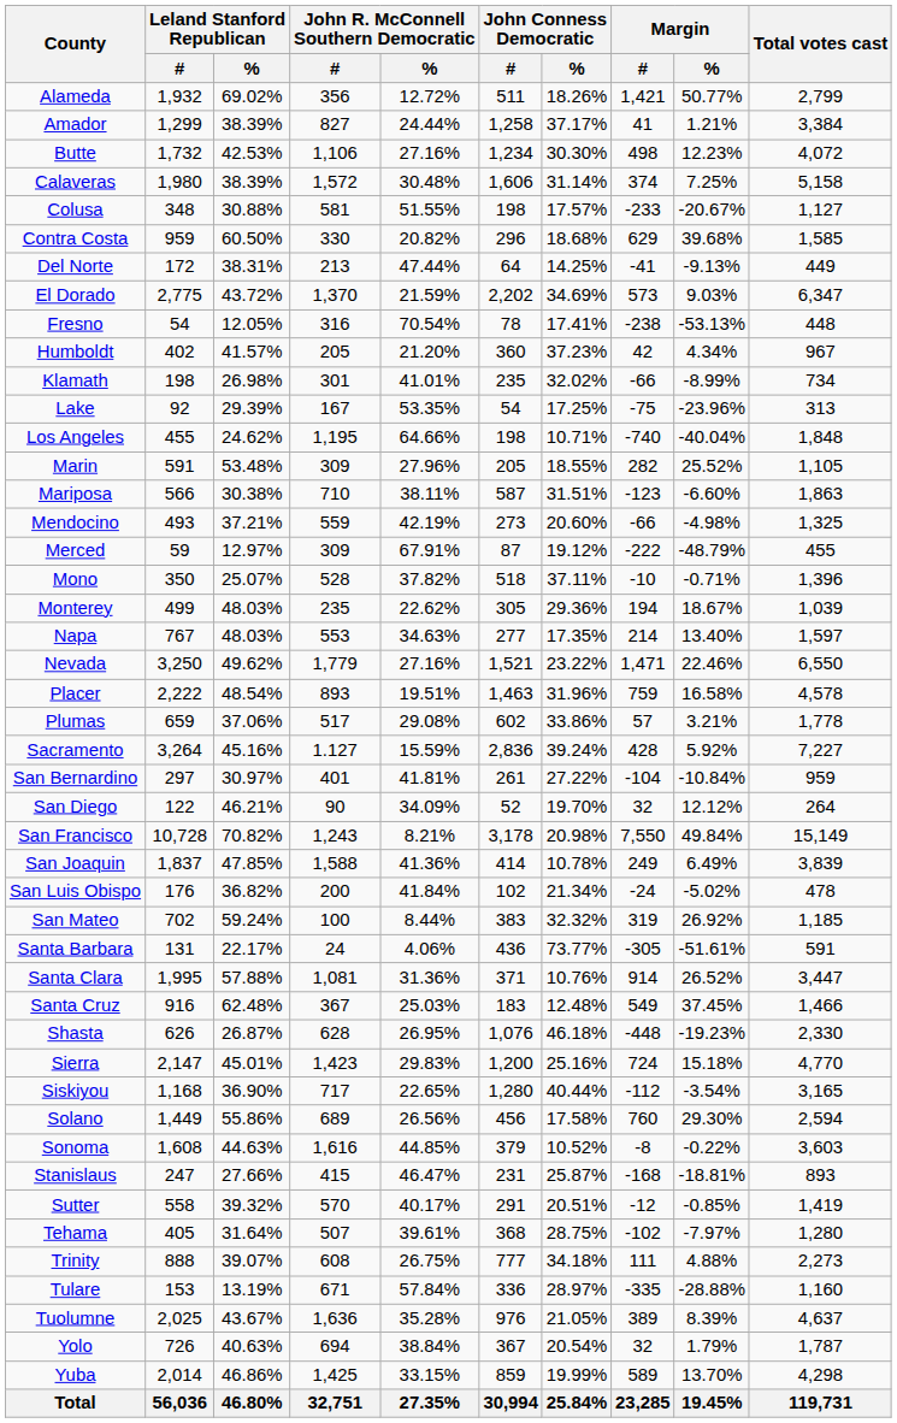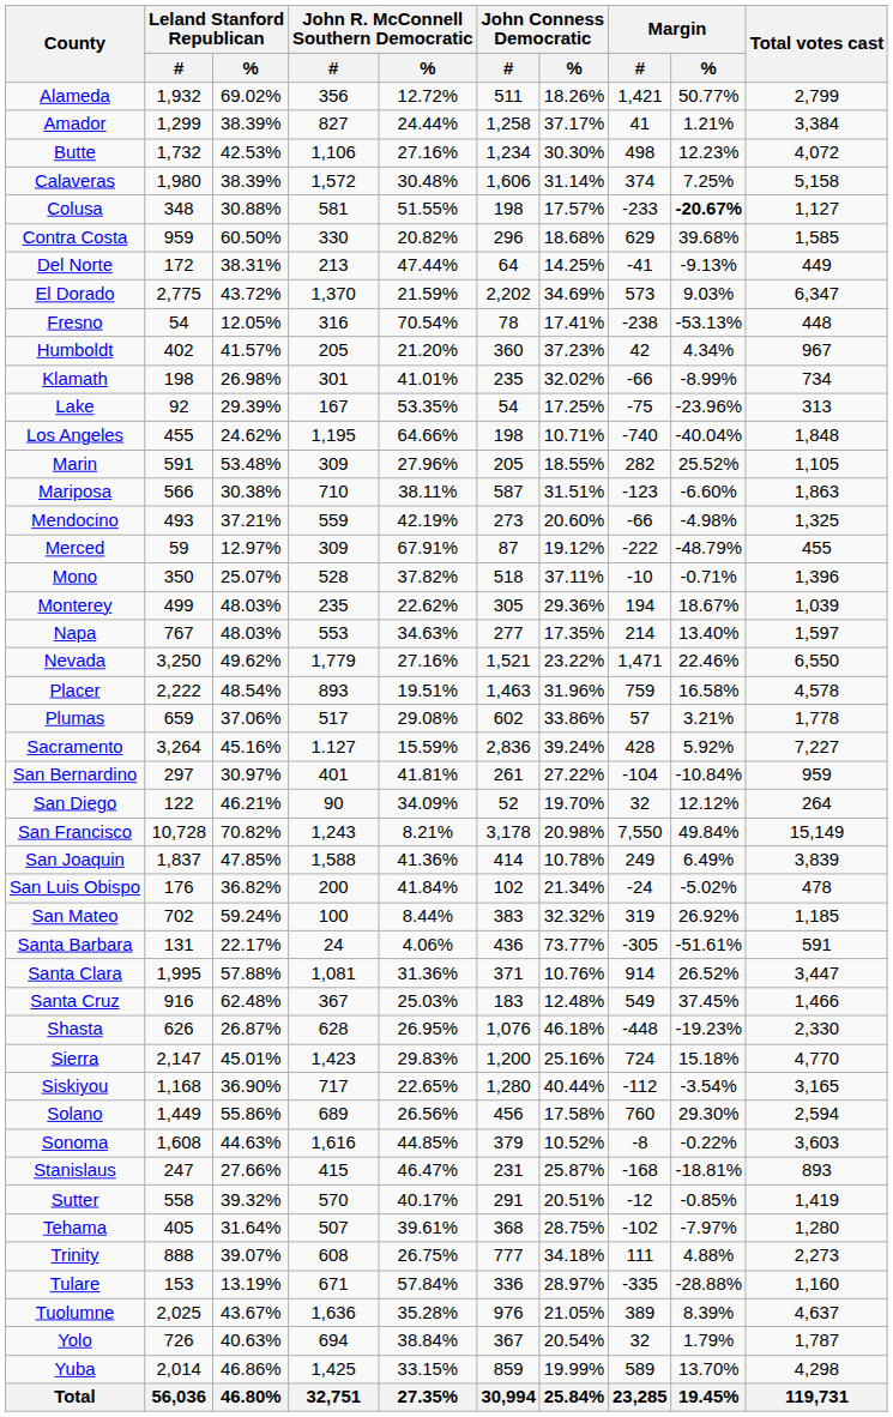 <table class="wikitable sortable" style="text-align:center">
 <tr>
 <th rowspan="2">County</th>
 <th style="text-align:center;" colspan="2">Leland Stanford<br>Republican</th>
 <th style="text-align:center;" colspan="2">John R. McConnell<br>Southern Democratic</th>
 <th style="text-align:center;" colspan="2">John Conness<br>Democratic</th>
 <th style="text-align:center;" colspan="2">Margin</th>
 <th style="text-align:center;" rowspan="2">Total votes cast</th>
 </tr>
 <tr>
 <th style="text-align:center;" data-sort-type="number">#</th>
 <th style="text-align:center;" data-sort-type="number">%</th>
 <th style="text-align:center;" data-sort-type="number">#</th>
 <th style="text-align:center;" data-sort-type="number">%</th>
 <th style="text-align:center;" data-sort-type="number">#</th>
 <th style="text-align:center;" data-sort-type="number">%</th>
 <th style="text-align:center;" data-sort-type="number">#</th>
 <th style="text-align:center;" data-sort-type="number">%</th>
 </tr>
 <tr style="text-align:center;">
 <td><a href='#'>Alameda</a></td>
 <td>1,932</td>
 <td>69.02%</td>
 <td>356</td>
 <td>12.72%</td>
 <td>511</td>
 <td>18.26%</td>
 <td>1,421</td>
 <td>50.77%</td>
 <td>2,799</td>
 </tr>
 <tr style="text-align:center;">
 <td><a href='#'>Amador</a></td>
 <td>1,299</td>
 <td>38.39%</td>
 <td>827</td>
 <td>24.44%</td>
 <td>1,258</td>
 <td>37.17%</td>
 <td>41</td>
 <td>1.21%</td>
 <td>3,384</td>
 </tr>
 <tr style="text-align:center;">
 <td><a href='#'>Butte</a></td>
 <td>1,732</td>
 <td>42.53%</td>
 <td>1,106</td>
 <td>27.16%</td>
 <td>1,234</td>
 <td>30.30%</td>
 <td>498</td>
 <td>12.23%</td>
 <td>4,072</td>
 </tr>
 <tr style="text-align:center;">
 <td><a href='#'>Calaveras</a></td>
 <td>1,980</td>
 <td>38.39%</td>
 <td>1,572</td>
 <td>30.48%</td>
 <td>1,606</td>
 <td>31.14%</td>
 <td>374</td>
 <td>7.25%</td>
 <td>5,158</td>
 </tr>
 <tr style="text-align:center;">
 <td><a href='#'>Colusa</a></td>
 <td>348</td>
 <td>30.88%</td>
 <td>581</td>
 <td>51.55%</td>
 <td>198</td>
 <td>17.57%</td>
 <td>-233</td>
-<td>-20.67%</td>
+<td><strong>-20.67%</strong></td>
 <td>1,127</td>
 </tr>
 <tr style="text-align:center;">
 <td><a href='#'>Contra Costa</a></td>
 <td>959</td>
 <td>60.50%</td>
 <td>330</td>
 <td>20.82%</td>
 <td>296</td>
 <td>18.68%</td>
 <td>629</td>
 <td>39.68%</td>
 <td>1,585</td>
 </tr>
 <tr style="text-align:center;">
 <td><a href='#'>Del Norte</a></td>
 <td>172</td>
 <td>38.31%</td>
 <td>213</td>
 <td>47.44%</td>
 <td>64</td>
 <td>14.25%</td>
 <td>-41</td>
 <td>-9.13%</td>
 <td>449</td>
 </tr>
 <tr style="text-align:center;">
 <td><a href='#'>El Dorado</a></td>
 <td>2,775</td>
 <td>43.72%</td>
 <td>1,370</td>
 <td>21.59%</td>
 <td>2,202</td>
 <td>34.69%</td>
 <td>573</td>
 <td>9.03%</td>
 <td>6,347</td>
 </tr>
 <tr style="text-align:center;">
 <td><a href='#'>Fresno</a></td>
 <td>54</td>
 <td>12.05%</td>
 <td>316</td>
 <td>70.54%</td>
 <td>78</td>
 <td>17.41%</td>
 <td>-238</td>
 <td>-53.13%</td>
 <td>448</td>
 </tr>
 <tr style="text-align:center;">
 <td><a href='#'>Humboldt</a></td>
 <td>402</td>
 <td>41.57%</td>
 <td>205</td>
 <td>21.20%</td>
 <td>360</td>
 <td>37.23%</td>
 <td>42</td>
 <td>4.34%</td>
 <td>967</td>
 </tr>
 <tr style="text-align:center;">
 <td><a href='#'>Klamath</a></td>
 <td>198</td>
 <td>26.98%</td>
 <td>301</td>
 <td>41.01%</td>
 <td>235</td>
 <td>32.02%</td>
 <td>-66</td>
 <td>-8.99%</td>
 <td>734</td>
 </tr>
 <tr style="text-align:center;">
 <td><a href='#'>Lake</a></td>
 <td>92</td>
 <td>29.39%</td>
 <td>167</td>
 <td>53.35%</td>
 <td>54</td>
 <td>17.25%</td>
 <td>-75</td>
 <td>-23.96%</td>
 <td>313</td>
 </tr>
 <tr style="text-align:center;">
 <td><a href='#'>Los Angeles</a></td>
 <td>455</td>
 <td>24.62%</td>
 <td>1,195</td>
 <td>64.66%</td>
 <td>198</td>
 <td>10.71%</td>
 <td>-740</td>
 <td>-40.04%</td>
 <td>1,848</td>
 </tr>
 <tr style="text-align:center;">
 <td><a href='#'>Marin</a></td>
 <td>591</td>
 <td>53.48%</td>
 <td>309</td>
 <td>27.96%</td>
 <td>205</td>
 <td>18.55%</td>
 <td>282</td>
 <td>25.52%</td>
 <td>1,105</td>
 </tr>
 <tr style="text-align:center;">
 <td><a href='#'>Mariposa</a></td>
 <td>566</td>
 <td>30.38%</td>
 <td>710</td>
 <td>38.11%</td>
 <td>587</td>
 <td>31.51%</td>
 <td>-123</td>
 <td>-6.60%</td>
 <td>1,863</td>
 </tr>
 <tr style="text-align:center;">
 <td><a href='#'>Mendocino</a></td>
 <td>493</td>
 <td>37.21%</td>
 <td>559</td>
 <td>42.19%</td>
 <td>273</td>
 <td>20.60%</td>
 <td>-66</td>
 <td>-4.98%</td>
 <td>1,325</td>
 </tr>
 <tr style="text-align:center;">
 <td><a href='#'>Merced</a></td>
 <td>59</td>
 <td>12.97%</td>
 <td>309</td>
 <td>67.91%</td>
 <td>87</td>
 <td>19.12%</td>
 <td>-222</td>
 <td>-48.79%</td>
 <td>455</td>
 </tr>
 <tr style="text-align:center;">
 <td><a href='#'>Mono</a></td>
 <td>350</td>
 <td>25.07%</td>
 <td>528</td>
 <td>37.82%</td>
 <td>518</td>
 <td>37.11%</td>
 <td>-10</td>
 <td>-0.71%</td>
 <td>1,396</td>
 </tr>
 <tr style="text-align:center;">
 <td><a href='#'>Monterey</a></td>
 <td>499</td>
 <td>48.03%</td>
 <td>235</td>
 <td>22.62%</td>
 <td>305</td>
 <td>29.36%</td>
 <td>194</td>
 <td>18.67%</td>
 <td>1,039</td>
 </tr>
 <tr style="text-align:center;">
 <td><a href='#'>Napa</a></td>
 <td>767</td>
 <td>48.03%</td>
 <td>553</td>
 <td>34.63%</td>
 <td>277</td>
 <td>17.35%</td>
 <td>214</td>
 <td>13.40%</td>
 <td>1,597</td>
 </tr>
 <tr style="text-align:center;">
 <td><a href='#'>Nevada</a></td>
 <td>3,250</td>
 <td>49.62%</td>
 <td>1,779</td>
 <td>27.16%</td>
 <td>1,521</td>
 <td>23.22%</td>
 <td>1,471</td>
 <td>22.46%</td>
 <td>6,550</td>
 </tr>
 <tr style="text-align:center;">
 <td><a href='#'>Placer</a></td>
 <td>2,222</td>
 <td>48.54%</td>
 <td>893</td>
 <td>19.51%</td>
 <td>1,463</td>
 <td>31.96%</td>
 <td>759</td>
 <td>16.58%</td>
 <td>4,578</td>
 </tr>
 <tr style="text-align:center;">
 <td><a href='#'>Plumas</a></td>
 <td>659</td>
 <td>37.06%</td>
 <td>517</td>
 <td>29.08%</td>
 <td>602</td>
 <td>33.86%</td>
 <td>57</td>
 <td>3.21%</td>
 <td>1,778</td>
 </tr>
 <tr style="text-align:center;">
 <td><a href='#'>Sacramento</a></td>
 <td>3,264</td>
 <td>45.16%</td>
 <td>1.127</td>
 <td>15.59%</td>
 <td>2,836</td>
 <td>39.24%</td>
 <td>428</td>
 <td>5.92%</td>
 <td>7,227</td>
 </tr>
 <tr style="text-align:center;">
 <td><a href='#'>San Bernardino</a></td>
 <td>297</td>
 <td>30.97%</td>
 <td>401</td>
 <td>41.81%</td>
 <td>261</td>
 <td>27.22%</td>
 <td>-104</td>
 <td>-10.84%</td>
 <td>959</td>
 </tr>
 <tr style="text-align:center;">
 <td><a href='#'>San Diego</a></td>
 <td>122</td>
 <td>46.21%</td>
 <td>90</td>
 <td>34.09%</td>
 <td>52</td>
 <td>19.70%</td>
 <td>32</td>
 <td>12.12%</td>
 <td>264</td>
 </tr>
 <tr style="text-align:center;">
 <td><a href='#'>San Francisco</a></td>
 <td>10,728</td>
 <td>70.82%</td>
 <td>1,243</td>
 <td>8.21%</td>
 <td>3,178</td>
 <td>20.98%</td>
 <td>7,550</td>
 <td>49.84%</td>
 <td>15,149</td>
 </tr>
 <tr style="text-align:center;">
 <td><a href='#'>San Joaquin</a></td>
 <td>1,837</td>
 <td>47.85%</td>
 <td>1,588</td>
 <td>41.36%</td>
 <td>414</td>
 <td>10.78%</td>
 <td>249</td>
 <td>6.49%</td>
 <td>3,839</td>
 </tr>
 <tr style="text-align:center;">
 <td><a href='#'>San Luis Obispo</a></td>
 <td>176</td>
 <td>36.82%</td>
 <td>200</td>
 <td>41.84%</td>
 <td>102</td>
 <td>21.34%</td>
 <td>-24</td>
 <td>-5.02%</td>
 <td>478</td>
 </tr>
 <tr style="text-align:center;">
 <td><a href='#'>San Mateo</a></td>
 <td>702</td>
 <td>59.24%</td>
 <td>100</td>
 <td>8.44%</td>
 <td>383</td>
 <td>32.32%</td>
 <td>319</td>
 <td>26.92%</td>
 <td>1,185</td>
 </tr>
 <tr style="text-align:center;">
 <td><a href='#'>Santa Barbara</a></td>
 <td>131</td>
 <td>22.17%</td>
 <td>24</td>
 <td>4.06%</td>
 <td>436</td>
 <td>73.77%</td>
 <td>-305</td>
 <td>-51.61%</td>
 <td>591</td>
 </tr>
 <tr style="text-align:center;">
 <td><a href='#'>Santa Clara</a></td>
 <td>1,995</td>
 <td>57.88%</td>
 <td>1,081</td>
 <td>31.36%</td>
 <td>371</td>
 <td>10.76%</td>
 <td>914</td>
 <td>26.52%</td>
 <td>3,447</td>
 </tr>
 <tr style="text-align:center;">
 <td><a href='#'>Santa Cruz</a></td>
 <td>916</td>
 <td>62.48%</td>
 <td>367</td>
 <td>25.03%</td>
 <td>183</td>
 <td>12.48%</td>
 <td>549</td>
 <td>37.45%</td>
 <td>1,466</td>
 </tr>
 <tr style="text-align:center;">
 <td><a href='#'>Shasta</a></td>
 <td>626</td>
 <td>26.87%</td>
 <td>628</td>
 <td>26.95%</td>
 <td>1,076</td>
 <td>46.18%</td>
 <td>-448</td>
 <td>-19.23%</td>
 <td>2,330</td>
 </tr>
 <tr style="text-align:center;">
 <td><a href='#'>Sierra</a></td>
 <td>2,147</td>
 <td>45.01%</td>
 <td>1,423</td>
 <td>29.83%</td>
 <td>1,200</td>
 <td>25.16%</td>
 <td>724</td>
 <td>15.18%</td>
 <td>4,770</td>
 </tr>
 <tr style="text-align:center;">
 <td><a href='#'>Siskiyou</a></td>
 <td>1,168</td>
 <td>36.90%</td>
 <td>717</td>
 <td>22.65%</td>
 <td>1,280</td>
 <td>40.44%</td>
 <td>-112</td>
 <td>-3.54%</td>
 <td>3,165</td>
 </tr>
 <tr style="text-align:center;">
 <td><a href='#'>Solano</a></td>
 <td>1,449</td>
 <td>55.86%</td>
 <td>689</td>
 <td>26.56%</td>
 <td>456</td>
 <td>17.58%</td>
 <td>760</td>
 <td>29.30%</td>
 <td>2,594</td>
 </tr>
 <tr style="text-align:center;">
 <td><a href='#'>Sonoma</a></td>
 <td>1,608</td>
 <td>44.63%</td>
 <td>1,616</td>
 <td>44.85%</td>
 <td>379</td>
 <td>10.52%</td>
 <td>-8</td>
 <td>-0.22%</td>
 <td>3,603</td>
 </tr>
 <tr style="text-align:center;">
 <td><a href='#'>Stanislaus</a></td>
 <td>247</td>
 <td>27.66%</td>
 <td>415</td>
 <td>46.47%</td>
 <td>231</td>
 <td>25.87%</td>
 <td>-168</td>
 <td>-18.81%</td>
 <td>893</td>
 </tr>
 <tr style="text-align:center;">
 <td><a href='#'>Sutter</a></td>
 <td>558</td>
 <td>39.32%</td>
 <td>570</td>
 <td>40.17%</td>
 <td>291</td>
 <td>20.51%</td>
 <td>-12</td>
 <td>-0.85%</td>
 <td>1,419</td>
 </tr>
 <tr style="text-align:center;">
 <td><a href='#'>Tehama</a></td>
 <td>405</td>
 <td>31.64%</td>
 <td>507</td>
 <td>39.61%</td>
 <td>368</td>
 <td>28.75%</td>
 <td>-102</td>
 <td>-7.97%</td>
 <td>1,280</td>
 </tr>
 <tr style="text-align:center;">
 <td><a href='#'>Trinity</a></td>
 <td>888</td>
 <td>39.07%</td>
 <td>608</td>
 <td>26.75%</td>
 <td>777</td>
 <td>34.18%</td>
 <td>111</td>
 <td>4.88%</td>
 <td>2,273</td>
 </tr>
 <tr style="text-align:center;">
 <td><a href='#'>Tulare</a></td>
 <td>153</td>
 <td>13.19%</td>
 <td>671</td>
 <td>57.84%</td>
 <td>336</td>
 <td>28.97%</td>
 <td>-335</td>
 <td>-28.88%</td>
 <td>1,160</td>
 </tr>
 <tr style="text-align:center;">
 <td><a href='#'>Tuolumne</a></td>
 <td>2,025</td>
 <td>43.67%</td>
 <td>1,636</td>
 <td>35.28%</td>
 <td>976</td>
 <td>21.05%</td>
 <td>389</td>
 <td>8.39%</td>
 <td>4,637</td>
 </tr>
 <tr style="text-align:center;">
 <td><a href='#'>Yolo</a></td>
 <td>726</td>
 <td>40.63%</td>
 <td>694</td>
 <td>38.84%</td>
 <td>367</td>
 <td>20.54%</td>
 <td>32</td>
 <td>1.79%</td>
 <td>1,787</td>
 </tr>
 <tr style="text-align:center;">
 <td><a href='#'>Yuba</a></td>
 <td>2,014</td>
 <td>46.86%</td>
 <td>1,425</td>
 <td>33.15%</td>
 <td>859</td>
 <td>19.99%</td>
 <td>589</td>
 <td>13.70%</td>
 <td>4,298</td>
 </tr>
 <tr style="text-align:center;">
 <th>Total</th>
 <th>56,036</th>
 <th>46.80%</th>
 <th>32,751</th>
 <th>27.35%</th>
 <th>30,994</th>
 <th>25.84%</th>
 <th>23,285</th>
 <th>19.45%</th>
 <th>119,731</th>
 </tr>
 </table>
